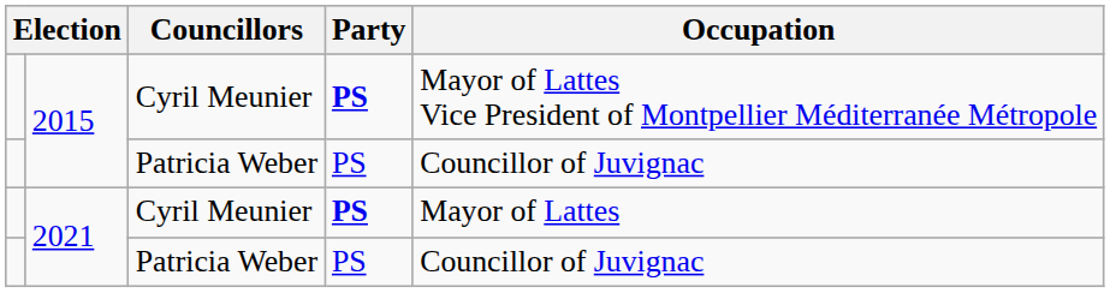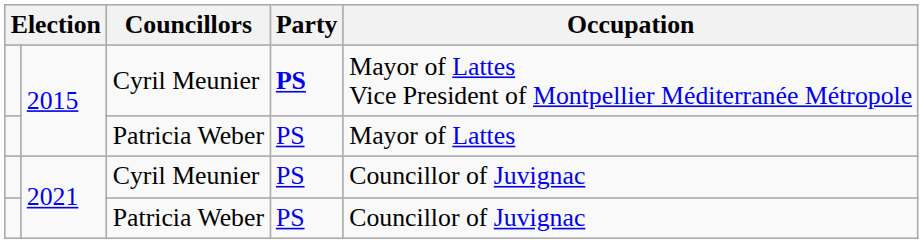 <table class="wikitable">
 <tr>
 <th colspan="2">Election</th>
 <th>Councillors</th>
 <th>Party</th>
 <th>Occupation</th>
 </tr>
 <tr>
 <td style="background-color: "></td>
 <td rowspan="2"><a href='#'>2015</a></td>
 <td>Cyril Meunier</td>
 <td><strong><a href='#'>PS</a></strong></td>
 <td>Mayor of <a href='#'>Lattes</a><br>Vice President of <a href='#'>Montpellier Méditerranée Métropole</a></td>
 </tr>
 <tr>
 <td style="background-color: "></td>
 <td>Patricia Weber</td>
 <td><a href='#'>PS</a></td>
-<td>Councillor of <a href='#'>Juvignac</a></td>
+<td>Mayor of <a href='#'>Lattes</a></td>
 </tr>
 <tr>
 <td style="background-color: "></td>
 <td rowspan="2"><a href='#'>2021</a></td>
 <td>Cyril Meunier</td>
-<td><strong><a href='#'>PS</a></strong></td>
-<td>Mayor of <a href='#'>Lattes</a></td>
+<td><a href='#'>PS</a></td>
+<td>Councillor of <a href='#'>Juvignac</a></td>
 </tr>
 <tr>
 <td style="background-color: "></td>
 <td>Patricia Weber</td>
 <td><a href='#'>PS</a></td>
 <td>Councillor of <a href='#'>Juvignac</a></td>
 </tr>
 </table>
